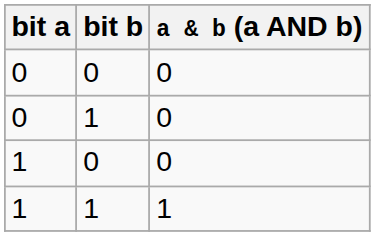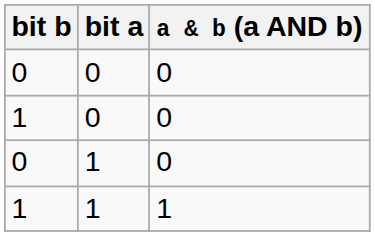 <table class="wikitable">
 <tr>
+<th>bit b</th>
 <th>bit a</th>
-<th>bit b</th>
 <th><code>a & b</code> (a AND b)</th>
 </tr>
 <tr>
 <td>0</td>
+<td>0</td>
+<td>0</td>
+</tr>
+<tr>
+<td>1</td>
 <td>0</td>
 <td>0</td>
 </tr>
 <tr>
 <td>0</td>
 <td>1</td>
 <td>0</td>
 </tr>
 <tr>
 <td>1</td>
-<td>0</td>
-<td>0</td>
-</tr>
-<tr>
-<td>1</td>
 <td>1</td>
 <td>1</td>
 </tr>
 </table>
